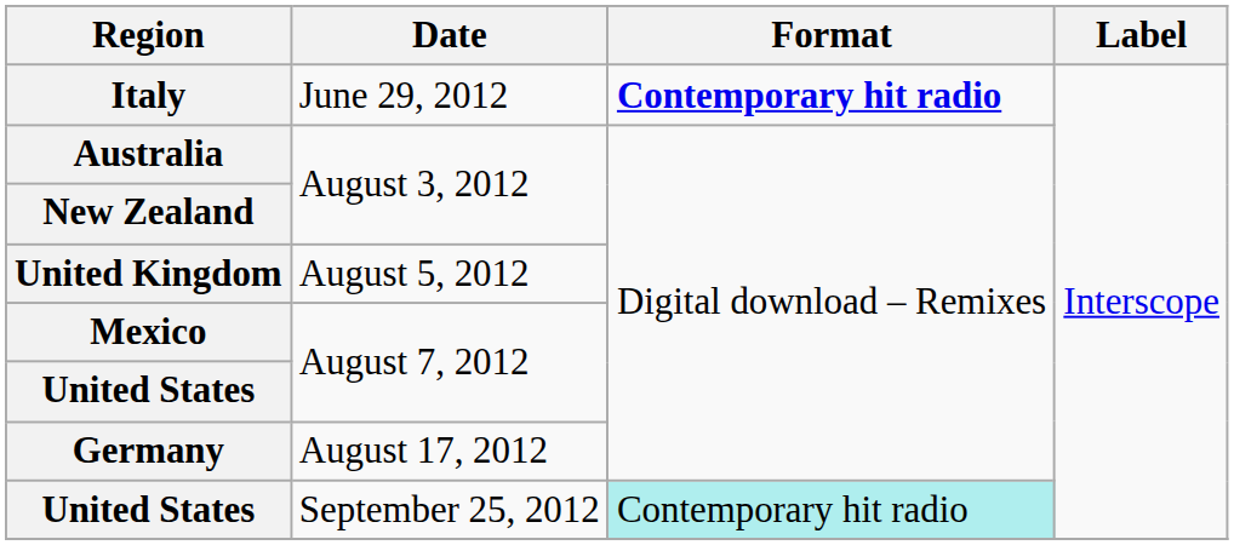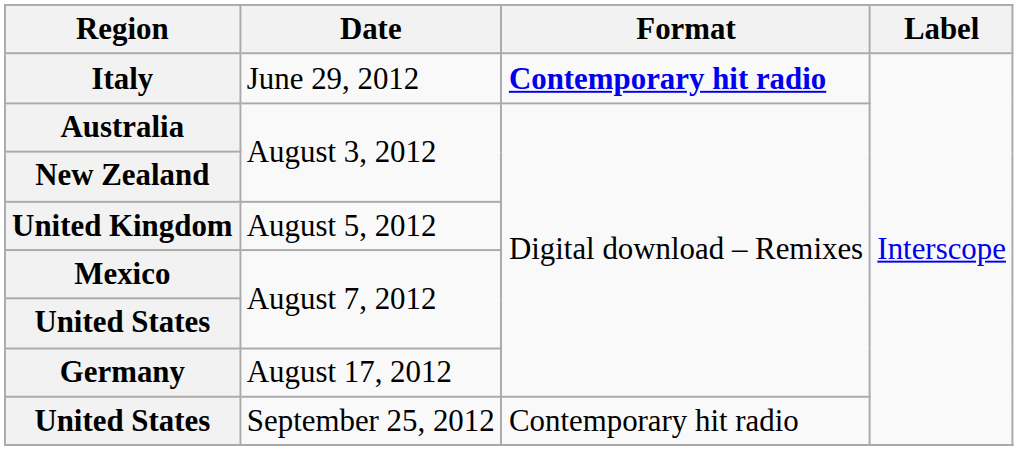 <table class="wikitable plainrowheaders">
 <tr>
 <th scope="col">Region</th>
 <th scope="col">Date</th>
 <th scope="col">Format</th>
 <th scope="col">Label</th>
 </tr>
 <tr>
 <th scope="row">Italy</th>
 <td>June 29, 2012</td>
 <td><strong><a href='#'>Contemporary hit radio</a></strong></td>
 <td rowspan="8"><a href='#'>Interscope</a></td>
 </tr>
 <tr>
 <th scope="row">Australia</th>
 <td rowspan="2">August 3, 2012</td>
 <td rowspan="6">Digital download – Remixes</td>
 </tr>
 <tr>
 <th scope="row">New Zealand</th>
 </tr>
 <tr>
 <th scope="row">United Kingdom</th>
 <td>August 5, 2012</td>
 </tr>
 <tr>
 <th scope="row">Mexico</th>
 <td rowspan="2">August 7, 2012</td>
 </tr>
 <tr>
 <th scope="row">United States</th>
 </tr>
 <tr>
 <th scope="row">Germany</th>
 <td>August 17, 2012</td>
 </tr>
 <tr>
 <th scope="row">United States</th>
 <td>September 25, 2012</td>
-<td style="background: paleturquoise;">Contemporary hit radio</td>
+<td>Contemporary hit radio</td>
 </tr>
 <tr>
 </tr>
 </table>
